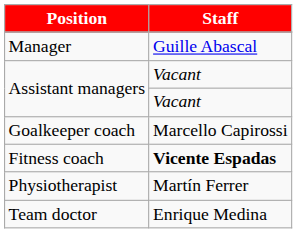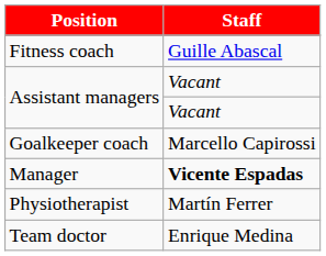 <table class="wikitable">
 <tr>
 <th style=background-color:red;color:#FFFFFF>Position</th>
 <th style=background-color:red;color:#FFFFFF>Staff</th>
 </tr>
 <tr>
 </tr>
 <tr>
-<td>Manager</td>
+<td>Fitness coach</td>
 <td> <a href='#'>Guille Abascal</a></td>
 </tr>
 <tr>
 <td rowspan="2">Assistant managers</td>
 <td><em>Vacant</em></td>
 </tr>
 <tr>
 <td><em>Vacant</em></td>
 </tr>
 <tr>
 <td>Goalkeeper coach</td>
 <td> Marcello Capirossi</td>
 </tr>
 <tr>
-<td>Fitness coach</td>
+<td>Manager</td>
 <td><strong> Vicente Espadas</strong></td>
 </tr>
 <tr>
 <td>Physiotherapist</td>
 <td> Martín Ferrer</td>
 </tr>
 <tr>
 <td>Team doctor</td>
 <td> Enrique Medina</td>
 </tr>
 </table>
